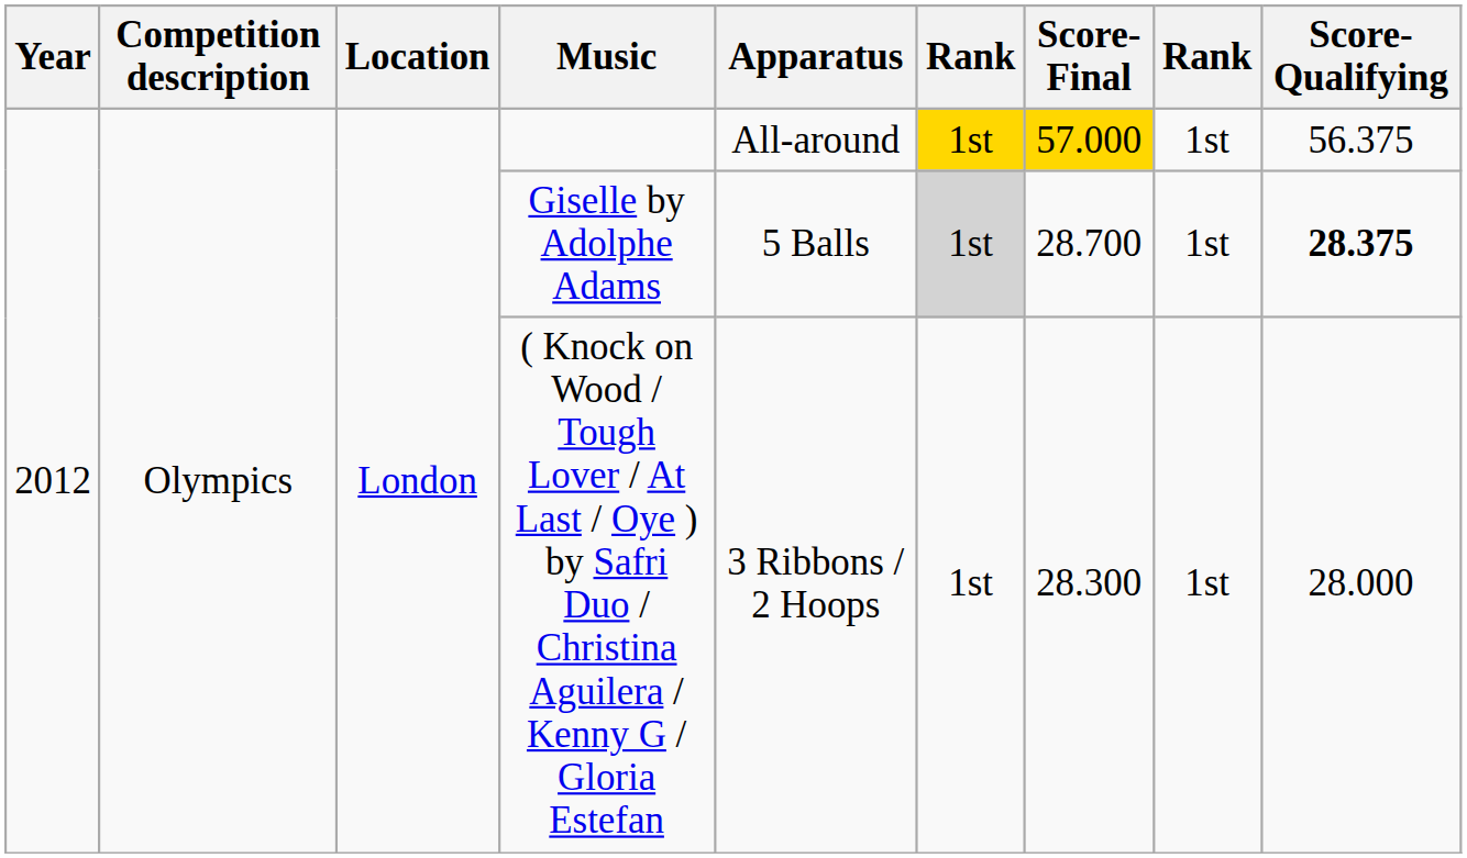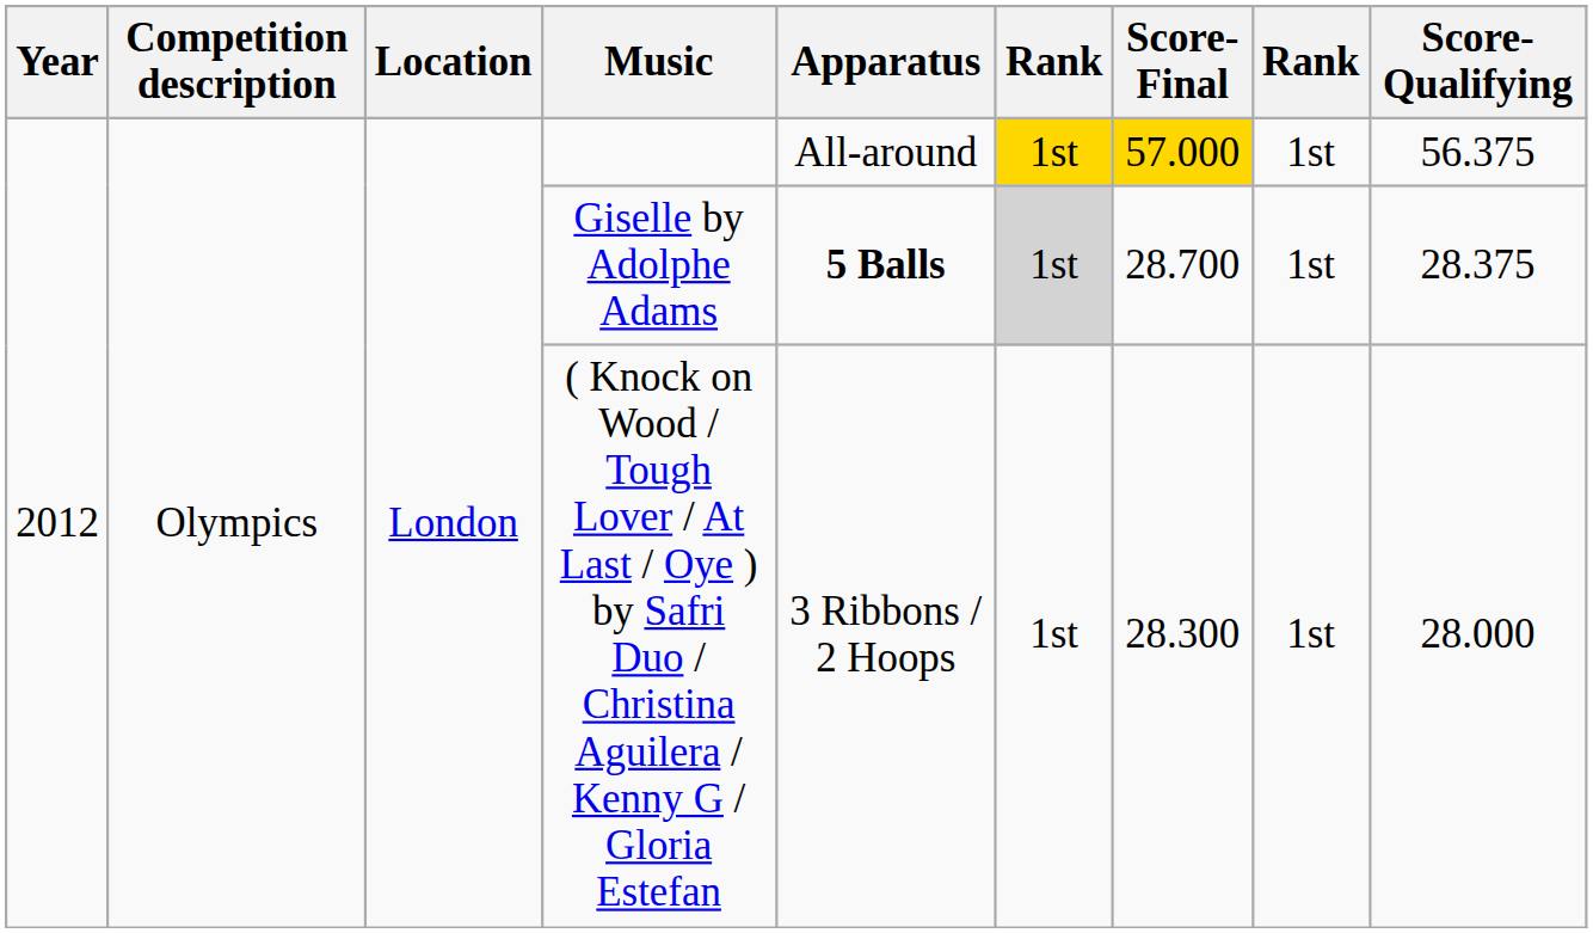 <table class="wikitable" style="text-align:center">
 <tr>
 <th>Year</th>
 <th>Competition description</th>
 <th>Location</th>
 <th>Music </th>
 <th>Apparatus</th>
 <th>Rank</th>
 <th>Score-Final</th>
 <th>Rank</th>
 <th>Score-Qualifying</th>
 </tr>
 <tr>
 <td rowspan="3">2012</td>
 <td rowspan="3">Olympics</td>
 <td rowspan="3"><a href='#'>London</a></td>
 <td></td>
 <td>All-around</td>
 <td bgcolor=gold>1st</td>
 <td bgcolor=gold>57.000</td>
 <td>1st</td>
 <td>56.375</td>
 </tr>
 <tr>
 <td><a href='#'>Giselle</a> by <a href='#'>Adolphe Adams</a></td>
-<td>5 Balls</td>
+<td><strong>5 Balls</strong></td>
 <td style="background: lightgrey;">1st</td>
 <td>28.700</td>
 <td>1st</td>
-<td><strong>28.375</strong></td>
+<td>28.375</td>
 </tr>
 <tr>
 <td>( Knock on Wood / <a href='#'>Tough Lover</a> / <a href='#'>At Last</a> / <a href='#'>Oye</a> ) <br> by <a href='#'>Safri Duo</a> / <a href='#'>Christina Aguilera</a> / <a href='#'>Kenny G</a> / <a href='#'>Gloria Estefan</a></td>
 <td>3 Ribbons / 2 Hoops</td>
 <td>1st</td>
 <td>28.300</td>
 <td>1st</td>
 <td>28.000</td>
 </tr>
 <tr>
 </tr>
 </table>
